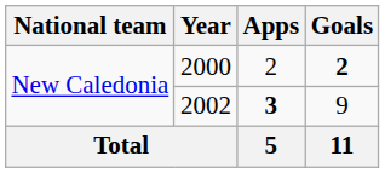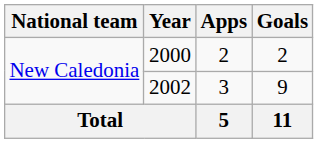 <table class="wikitable" style="text-align:center">
 <tr>
 <th>National team</th>
 <th>Year</th>
 <th>Apps</th>
 <th>Goals</th>
 </tr>
 <tr>
 <td rowspan="2"><a href='#'>New Caledonia</a></td>
 <td>2000</td>
 <td>2</td>
-<td><strong>2</strong></td>
+<td>2</td>
 </tr>
 <tr>
 <td>2002</td>
-<td><strong>3</strong></td>
+<td>3</td>
 <td>9</td>
 </tr>
 <tr>
 <th colspan=2>Total</th>
 <th>5</th>
 <th>11</th>
 </tr>
 </table>
